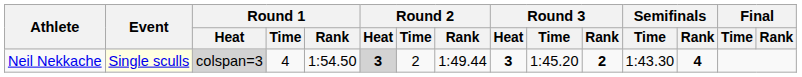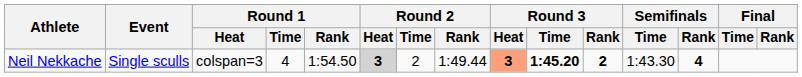 <table class="wikitable" style="font-size:90%">
 <tr>
 <th rowspan="2">Athlete</th>
 <th rowspan="2">Event</th>
 <th colspan="3">Round 1</th>
 <th colspan="3">Round 2</th>
 <th colspan="3">Round 3</th>
 <th colspan="2">Semifinals</th>
 <th colspan="2">Final</th>
 </tr>
 <tr style="font-size:95%">
 <th>Heat</th>
 <th>Time</th>
 <th>Rank</th>
 <th>Heat</th>
 <th>Time</th>
 <th>Rank</th>
 <th>Heat</th>
 <th>Time</th>
 <th>Rank</th>
 <th>Time</th>
 <th>Rank</th>
 <th>Time</th>
 <th>Rank</th>
 </tr>
 <tr align=center>
 <td align=left><a href='#'>Neil Nekkache</a></td>
-<td align=left style="background: lightyellow;"><a href='#'>Single sculls</a></td>
-<td style="background: lightgrey;">colspan=3 </td>
+<td align=left><a href='#'>Single sculls</a></td>
+<td>colspan=3 </td>
 <td>4</td>
 <td>1:54.50</td>
 <td style="background: lightgrey;"><strong>3</strong></td>
 <td>2</td>
 <td>1:49.44</td>
-<td><strong>3</strong></td>
-<td>1:45.20</td>
+<td style="background: lightsalmon;"><strong>3</strong></td>
+<td><strong>1:45.20</strong></td>
 <td><strong>2</strong></td>
 <td>1:43.30</td>
 <td><strong>4</strong></td>
 </tr>
 </table>
